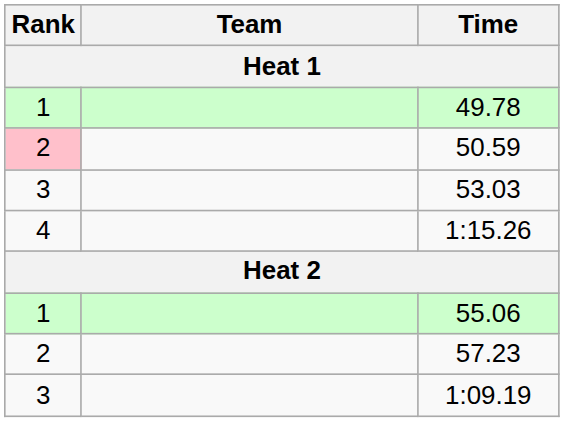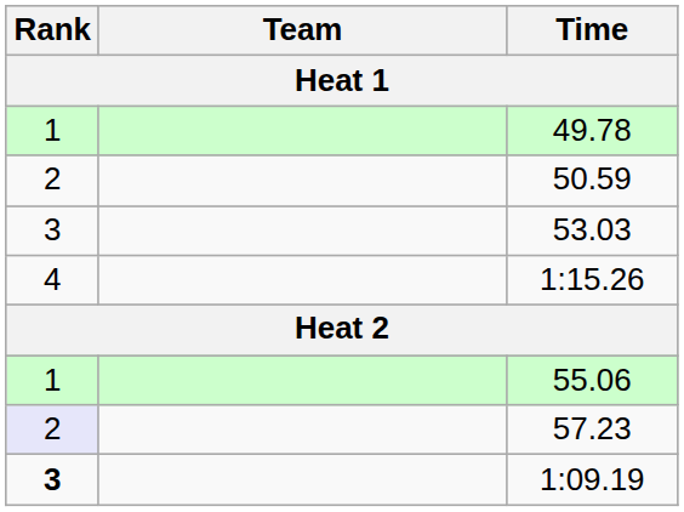 <table class=wikitable style="text-align:center">
 <tr>
 <th width=40>Rank</th>
 <th width=200>Team</th>
 <th width=80>Time</th>
 </tr>
 <tr>
 <th colspan=3>Heat 1</th>
 </tr>
 <tr bgcolor="#ccffcc">
 <td>1</td>
 <td align=left></td>
 <td>49.78</td>
 </tr>
 <tr>
-<td style="background: pink;">2</td>
+<td>2</td>
 <td align=left></td>
 <td>50.59</td>
 </tr>
 <tr>
 <td>3</td>
 <td align=left></td>
 <td>53.03</td>
 </tr>
 <tr>
 <td>4</td>
 <td align=left></td>
 <td>1:15.26</td>
 </tr>
 <tr>
 <th colspan=3>Heat 2</th>
 </tr>
 <tr bgcolor="#ccffcc">
 <td>1</td>
 <td align=left></td>
 <td>55.06</td>
 </tr>
 <tr>
-<td>2</td>
+<td style="background: lavender;">2</td>
 <td align=left></td>
 <td>57.23</td>
 </tr>
 <tr>
-<td>3</td>
+<td><strong>3</strong></td>
 <td align=left></td>
 <td>1:09.19</td>
 </tr>
 </table>
